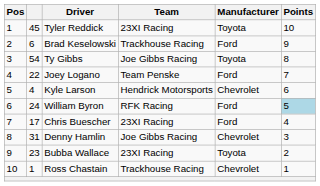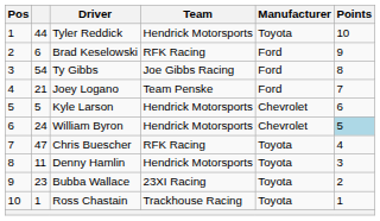 <table class="wikitable" style="font-size:98%">
 <tr>
 <th>Pos</th>
 <th></th>
 <th>Driver</th>
 <th>Team</th>
 <th>Manufacturer</th>
 <th>Points</th>
 </tr>
 <tr>
 <td>1</td>
-<td>45</td>
+<td>44</td>
 <td>Tyler Reddick</td>
-<td>23XI Racing</td>
+<td>Hendrick Motorsports</td>
 <td>Toyota</td>
 <td>10</td>
 </tr>
 <tr>
 <td>2</td>
 <td>6</td>
 <td>Brad Keselowski</td>
-<td>Trackhouse Racing</td>
+<td>RFK Racing</td>
 <td>Ford</td>
 <td>9</td>
 </tr>
 <tr>
 <td>3</td>
 <td>54</td>
 <td>Ty Gibbs</td>
 <td>Joe Gibbs Racing</td>
-<td>Toyota</td>
+<td>Ford</td>
 <td>8</td>
 </tr>
 <tr>
 <td>4</td>
-<td>22</td>
+<td>21</td>
 <td>Joey Logano</td>
 <td>Team Penske</td>
 <td>Ford</td>
 <td>7</td>
 </tr>
 <tr>
 <td>5</td>
-<td>4</td>
+<td>5</td>
 <td>Kyle Larson</td>
 <td>Hendrick Motorsports</td>
 <td>Chevrolet</td>
 <td>6</td>
 </tr>
 <tr>
 <td>6</td>
 <td>24</td>
 <td>William Byron</td>
-<td>RFK Racing</td>
-<td>Ford</td>
+<td>Hendrick Motorsports</td>
+<td>Chevrolet</td>
 <td style="background: lightblue;">5</td>
 </tr>
 <tr>
 <td>7</td>
-<td>17</td>
+<td>47</td>
 <td>Chris Buescher</td>
-<td>23XI Racing</td>
-<td>Ford</td>
+<td>RFK Racing</td>
+<td>Toyota</td>
 <td>4</td>
 </tr>
 <tr>
 <td>8</td>
-<td>31</td>
+<td>11</td>
 <td>Denny Hamlin</td>
-<td>Joe Gibbs Racing</td>
-<td>Chevrolet</td>
+<td>Hendrick Motorsports</td>
+<td>Toyota</td>
 <td>3</td>
 </tr>
 <tr>
 <td>9</td>
 <td>23</td>
 <td>Bubba Wallace</td>
 <td>23XI Racing</td>
 <td>Toyota</td>
 <td>2</td>
 </tr>
 <tr>
 <td>10</td>
 <td>1</td>
 <td>Ross Chastain</td>
 <td>Trackhouse Racing</td>
-<td>Chevrolet</td>
+<td>Toyota</td>
 <td>1</td>
 </tr>
 <tr>
 <th colspan="6"></th>
 </tr>
 </table>
